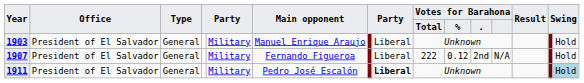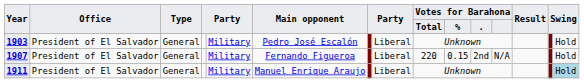 <table class="wikitable" style="font-size:90%; text-align:center;">
 <tr>
 <th style="background-color:#EAECF0;" rowspan="2">Year</th>
 <th style="background-color:#EAECF0;" rowspan="2">Office</th>
 <th style="background-color:#EAECF0;" rowspan="2">Type</th>
 <th style="background-color:#EAECF0;" colspan="2" rowspan="2">Party</th>
 <th style="background-color:#EAECF0;" rowspan="2">Main opponent</th>
 <th style="background-color:#EAECF0;" colspan="2" rowspan="2">Party</th>
 <th style="background-color:#EAECF0;" colspan="4">Votes for Barahona</th>
 <th style="background-color:#EAECF0;" rowspan="2">Result</th>
 <th style="background-color:#EAECF0;" colspan="2" rowspan="2">Swing</th>
 </tr>
 <tr>
 <th style="background-color:#EAECF0;">Total</th>
 <th style="background-color:#EAECF0;">%</th>
 <th style="background-color:#EAECF0;">.</th>
 <th style="background-color:#EAECF0;"></th>
 </tr>
 <tr>
 <th style="background-color:#EAECF0;"><a href='#'>1903</a></th>
 <td>President of El Salvador</td>
 <td>General</td>
 <td style="background-color:"></td>
 <td><a href='#'>Military</a></td>
-<td><a href='#'>Manuel Enrique Araujo</a></td>
+<td><a href='#'>Pedro José Escalón</a></td>
 <td style="background-color:Maroon;"></td>
 <td>Liberal</td>
 <td colspan="4"><em>Unknown</em></td>
 <td></td>
 <td style="background-color:Maroon;"></td>
 <td>Hold</td>
 </tr>
 <tr>
 <th style="background-color:#EAECF0;"><a href='#'>1907</a></th>
 <td>President of El Salvador</td>
 <td>General</td>
 <td style="background-color:"></td>
 <td><a href='#'>Military</a></td>
 <td><a href='#'>Fernando Figueroa</a></td>
 <td style="background-color:Maroon;"></td>
 <td>Liberal</td>
-<td>222</td>
-<td>0.12</td>
+<td>220</td>
+<td>0.15</td>
 <td>2nd</td>
 <td>N/A</td>
 <td></td>
 <td style="background-color:Maroon;"></td>
 <td>Hold</td>
 </tr>
 <tr>
 <th style="background-color:#EAECF0;"><a href='#'>1911</a></th>
 <td>President of El Salvador</td>
 <td>General</td>
 <td style="background-color:"></td>
 <td><a href='#'>Military</a></td>
-<td><a href='#'>Pedro José Escalón</a></td>
+<td><a href='#'>Manuel Enrique Araujo</a></td>
 <td style="background-color:Maroon;"></td>
-<td><strong>Liberal</strong></td>
+<td>Liberal</td>
 <td colspan="4"><em>Unknown</em></td>
 <td></td>
 <td style="background-color:Maroon;"></td>
 <td style="background: lightblue;">Hold</td>
 </tr>
 </table>
